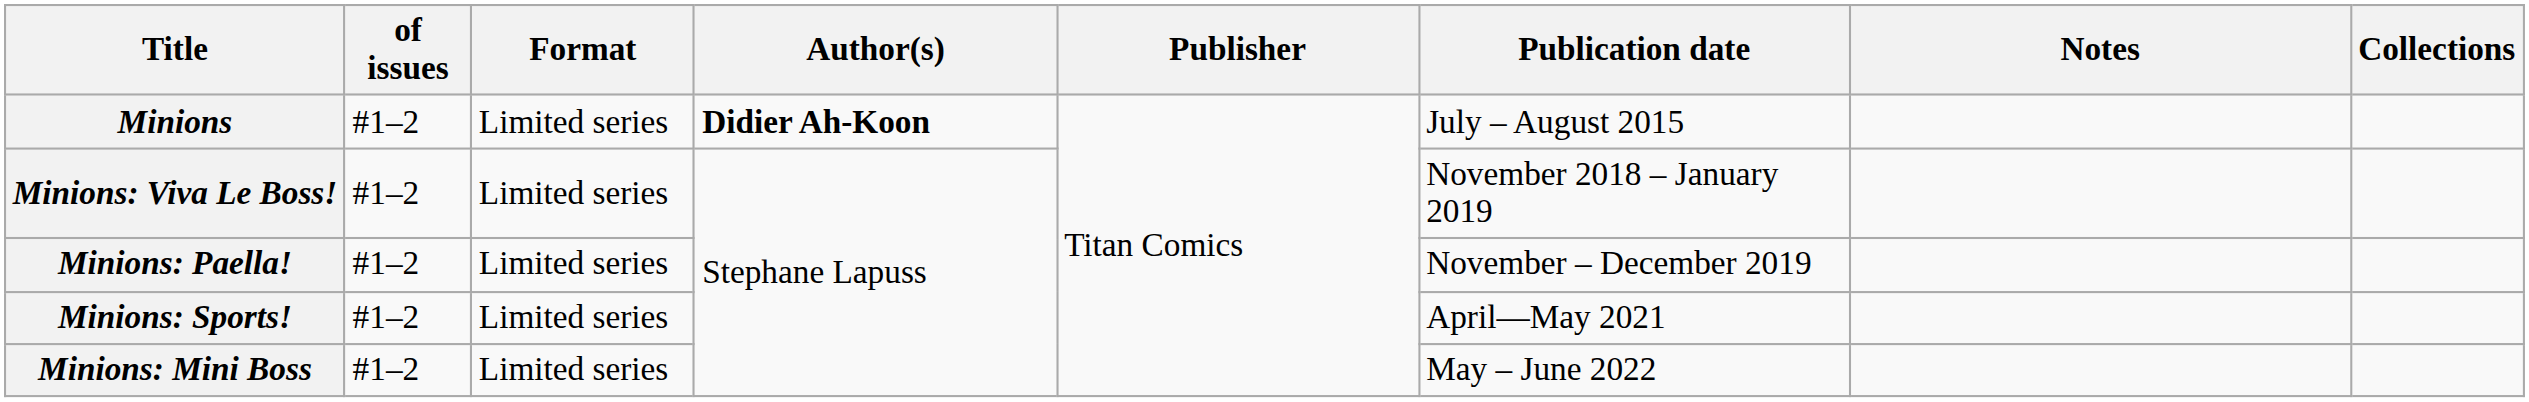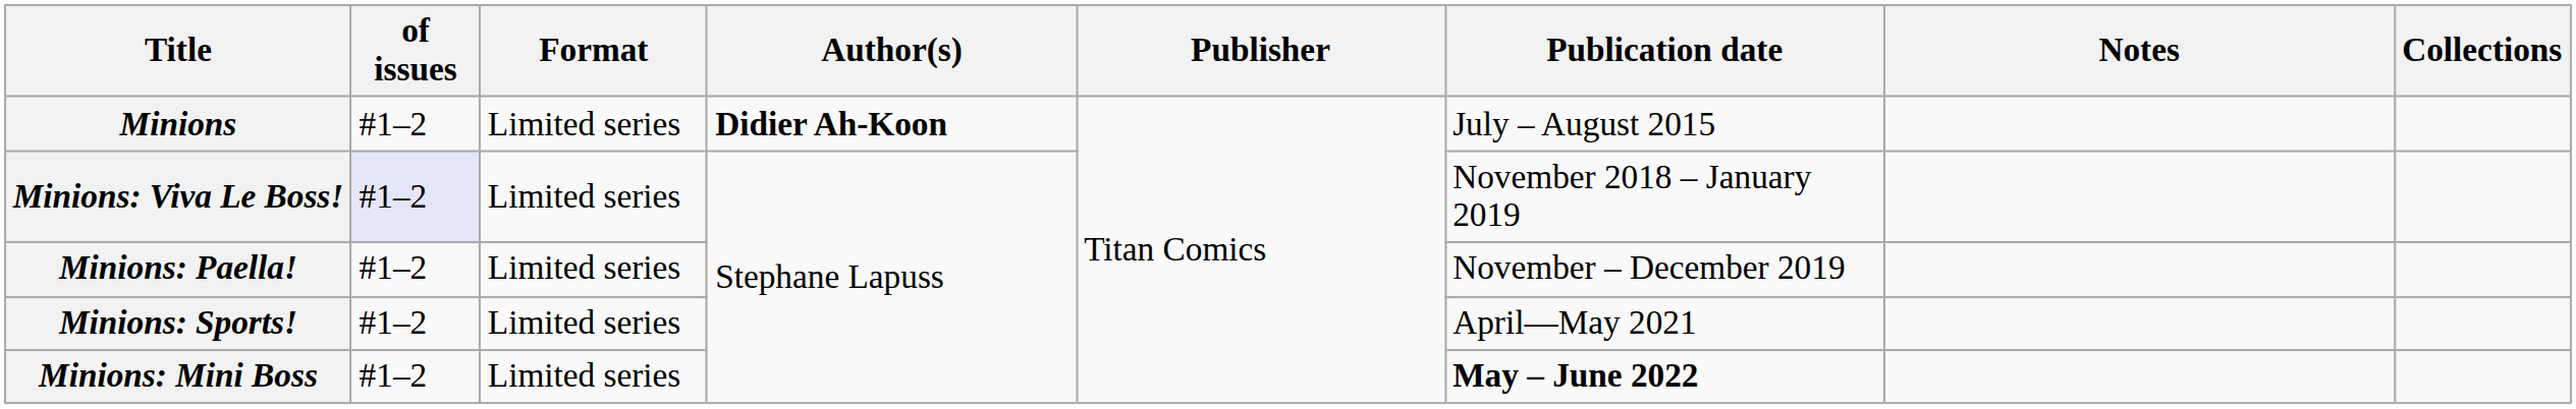 <table class="wikitable">
 <tr>
 <th>Title</th>
 <th style="width:40pt"> of issues</th>
 <th style="width:75pt">Format</th>
 <th style="width:125pt">Author(s)</th>
 <th style="width:125pt">Publisher</th>
 <th style="width:150pt">Publication date</th>
 <th style="width:175pt">Notes</th>
 <th>Collections</th>
 </tr>
 <tr>
 <th><em>Minions</em></th>
 <td>#1–2</td>
 <td>Limited series</td>
 <td><strong>Didier Ah-Koon</strong></td>
 <td rowspan="5">Titan Comics</td>
 <td>July – August 2015</td>
 <td></td>
 <td></td>
 </tr>
 <tr>
 <th><em>Minions: Viva Le Boss!</em></th>
-<td>#1–2</td>
+<td style="background: lavender;">#1–2</td>
 <td>Limited series</td>
 <td rowspan="4">Stephane Lapuss</td>
 <td>November 2018 – January 2019</td>
 <td></td>
 <td></td>
 </tr>
 <tr>
 <th><em>Minions: Paella!</em></th>
 <td>#1–2</td>
 <td>Limited series</td>
 <td>November – December 2019</td>
 <td></td>
 <td></td>
 </tr>
 <tr>
 <th><em>Minions: Sports!</em></th>
 <td>#1–2</td>
 <td>Limited series</td>
 <td>April—May 2021</td>
 <td></td>
 <td></td>
 </tr>
 <tr>
 <th><em>Minions: Mini Boss</em></th>
 <td>#1–2</td>
 <td>Limited series</td>
-<td>May – June 2022</td>
+<td><strong>May – June 2022</strong></td>
 <td></td>
 <td></td>
 </tr>
 </table>
